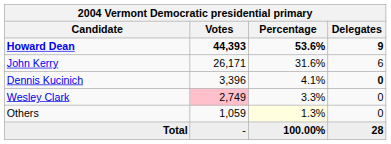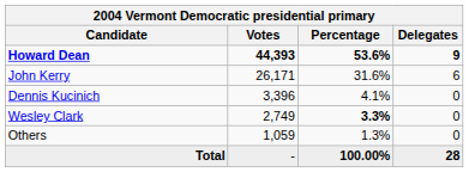 <table class="wikitable" style="margin: 1em 1em 1em 0; font-size: 95%; text-align:right;">
 <tr>
 <th colspan="4">2004 Vermont Democratic presidential primary</th>
 </tr>
 <tr>
 <th style="width: 17em">Candidate</th>
 <th style="width: 5em">Votes</th>
 <th style="width: 7em">Percentage</th>
 <th style="width: 5em">Delegates</th>
 </tr>
 <tr>
 <td align="left"><strong><a href='#'>Howard Dean</a></strong></td>
 <td><strong>44,393</strong></td>
 <td><strong>53.6%</strong></td>
 <td><strong>9</strong></td>
 </tr>
 <tr>
 <td align="left"><a href='#'>John Kerry</a></td>
 <td>26,171</td>
 <td>31.6%</td>
 <td>6</td>
 </tr>
 <tr>
 <td align="left"><a href='#'>Dennis Kucinich</a></td>
 <td>3,396</td>
 <td>4.1%</td>
-<td><strong>0</strong></td>
+<td>0</td>
 </tr>
 <tr>
 <td align="left"><a href='#'>Wesley Clark</a></td>
-<td style="background: pink;">2,749</td>
-<td>3.3%</td>
+<td>2,749</td>
+<td><strong>3.3%</strong></td>
 <td>0</td>
 </tr>
 <tr>
 <td align="left">Others</td>
 <td>1,059</td>
-<td style="background: lightyellow;">1.3%</td>
+<td>1.3%</td>
 <td>0</td>
 </tr>
 <tr bgcolor="#EEEEEE">
 <td><strong>Total</strong></td>
 <td>-</td>
 <td><strong>100.00%</strong></td>
 <td><strong>28</strong></td>
 </tr>
 </table>
